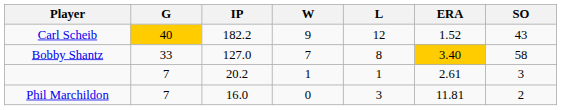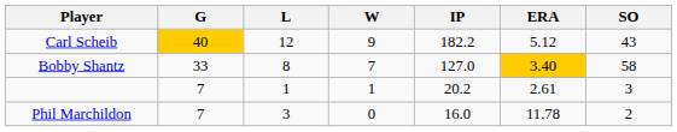 <table class="wikitable sortable">
 <tr>
 <th bgcolor="#DDDDFF" width="16%">Player</th>
 <th bgcolor="#DDDDFF" width="9%">G</th>
+<th bgcolor="#DDDDFF" width="9%">L</th>
+<th bgcolor="#DDDDFF" width="9%">W</th>
 <th bgcolor="#DDDDFF" width="9%">IP</th>
-<th bgcolor="#DDDDFF" width="9%">W</th>
-<th bgcolor="#DDDDFF" width="9%">L</th>
 <th bgcolor="#DDDDFF" width="9%">ERA</th>
 <th bgcolor="#DDDDFF" width="9%">SO</th>
 </tr>
 <tr align="center">
 <td><a href='#'>Carl Scheib</a></td>
 <td style="background:#fc0;">40</td>
+<td>12</td>
+<td>9</td>
 <td>182.2</td>
-<td>9</td>
-<td>12</td>
-<td>1.52</td>
+<td>5.12</td>
 <td>43</td>
 </tr>
 <tr align="center">
 <td><a href='#'>Bobby Shantz</a></td>
 <td>33</td>
+<td>8</td>
+<td>7</td>
 <td>127.0</td>
-<td>7</td>
-<td>8</td>
 <td style="background:#fc0;">3.40</td>
 <td>58</td>
 </tr>
 <tr align="center">
 <td></td>
 <td>7</td>
-<td>20.2</td>
 <td>1</td>
 <td>1</td>
+<td>20.2</td>
 <td>2.61</td>
 <td>3</td>
 </tr>
 <tr align="center">
 <td><a href='#'>Phil Marchildon</a></td>
 <td>7</td>
+<td>3</td>
+<td>0</td>
 <td>16.0</td>
-<td>0</td>
-<td>3</td>
-<td>11.81</td>
+<td>11.78</td>
 <td>2</td>
 </tr>
 </table>
